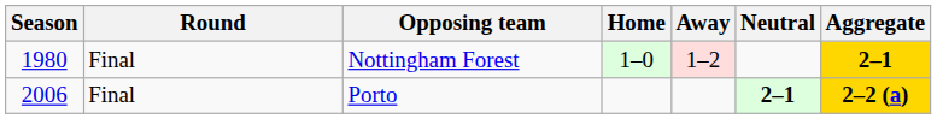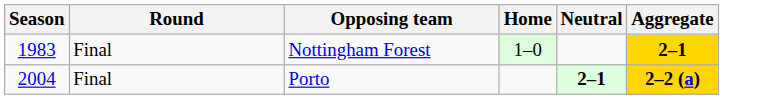 <table class="wikitable">
 <tr>
 <th>Season</th>
 <th width=175>Round</th>
 <th width=175>Opposing team</th>
 <th>Home</th>
-<th>Away</th>
 <th>Neutral</th>
 <th>Aggregate</th>
 </tr>
 <tr>
-<td align=center><a href='#'>1980</a></td>
+<td align=center><a href='#'>1983</a></td>
 <td>Final</td>
 <td> <a href='#'>Nottingham Forest</a></td>
 <td style="text-align:center; background:#dfd;">1–0</td>
-<td style="text-align:center; background:#fdd;">1–2</td>
 <td></td>
 <td bgcolor="gold" style="text-align:center;"><strong>2–1</strong></td>
 </tr>
 <tr>
-<td align=center><a href='#'>2006</a></td>
+<td align=center><a href='#'>2004</a></td>
 <td>Final</td>
 <td> <a href='#'>Porto</a></td>
-<td></td>
 <td></td>
 <td style="text-align:center; background:#dfd;"><strong>2–1</strong></td>
 <td bgcolor="gold" style="text-align:center;"><strong>2–2 (<a href='#'>a</a>)</strong></td>
 </tr>
 </table>
